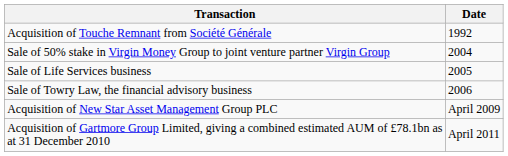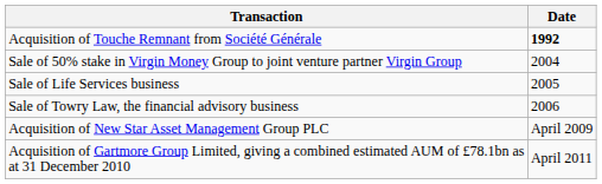 <table class="wikitable">
 <tr>
 <th>Transaction</th>
 <th>Date</th>
 </tr>
 <tr>
 <td>Acquisition of <a href='#'>Touche Remnant</a> from <a href='#'>Société Générale</a></td>
-<td>1992</td>
+<td><strong>1992</strong></td>
 </tr>
 <tr>
 <td>Sale of 50% stake in <a href='#'>Virgin Money</a> Group to joint venture partner <a href='#'>Virgin Group</a></td>
 <td>2004</td>
 </tr>
 <tr>
 <td>Sale of Life Services business</td>
 <td>2005</td>
 </tr>
 <tr>
 <td>Sale of Towry Law, the financial advisory business</td>
 <td>2006</td>
 </tr>
 <tr>
 <td>Acquisition of <a href='#'>New Star Asset Management</a> Group PLC</td>
 <td>April 2009</td>
 </tr>
 <tr>
 <td>Acquisition of <a href='#'>Gartmore Group</a> Limited, giving a combined estimated AUM of £78.1bn as<br>at 31 December 2010</td>
 <td>April 2011</td>
 </tr>
 </table>
